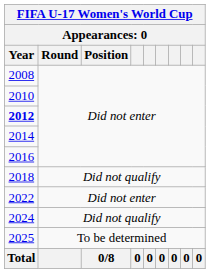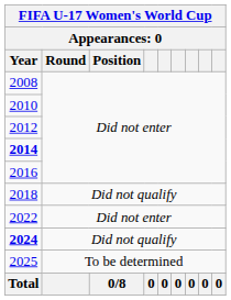 <table class="wikitable" style="text-align: center;">
 <tr>
 <th colspan=9><a href='#'>FIFA U-17 Women's World Cup</a></th>
 </tr>
 <tr>
 <th colspan=9>Appearances: 0</th>
 </tr>
 <tr>
 <th>Year</th>
 <th>Round</th>
 <th>Position</th>
 <th></th>
 <th></th>
 <th></th>
 <th></th>
 <th></th>
 <th></th>
 </tr>
 <tr>
 <td> <a href='#'>2008</a></td>
 <td rowspan= 5 colspan=8><em>Did not enter</em></td>
 </tr>
 <tr>
 <td> <a href='#'>2010</a></td>
 </tr>
 <tr>
-<td><strong> <a href='#'>2012</a></strong></td>
+<td> <a href='#'>2012</a></td>
 </tr>
 <tr>
-<td> <a href='#'>2014</a></td>
+<td><strong> <a href='#'>2014</a></strong></td>
 </tr>
 <tr>
 <td> <a href='#'>2016</a></td>
 </tr>
 <tr>
 <td> <a href='#'>2018</a></td>
 <td colspan=8><em>Did not qualify</em></td>
 </tr>
 <tr>
 <td> <a href='#'>2022</a></td>
 <td colspan=8><em>Did not enter</em></td>
 </tr>
 <tr>
-<td> <a href='#'>2024</a></td>
+<td><strong> <a href='#'>2024</a></strong></td>
 <td colspan=8><em>Did not qualify</em></td>
 </tr>
 <tr>
 <td> <a href='#'>2025</a></td>
 <td colspan=8>To be determined</td>
 </tr>
 <tr>
 <th>Total</th>
 <th></th>
 <th>0/8</th>
 <th>0</th>
 <th>0</th>
 <th>0</th>
 <th>0</th>
 <th>0</th>
 <th>0</th>
 </tr>
 </table>
